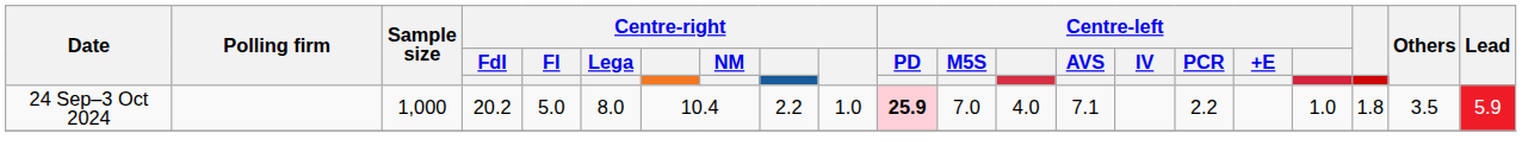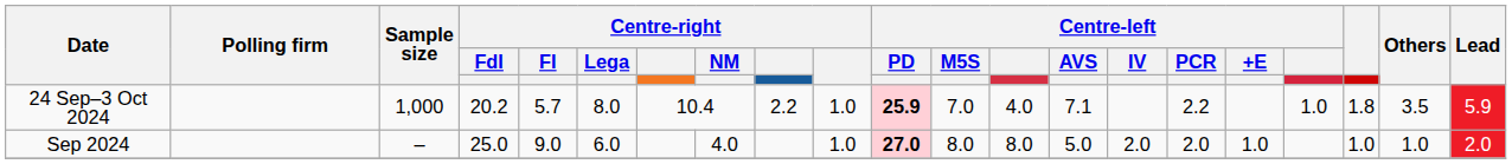 <table class="wikitable collapsible collapsed" style="text-align:center;font-size:85%;line-height:13px">
 <tr style="height:30px; background-color:#E9E9E9">
 <th style="width:110px;" rowspan="3">Date</th>
 <th style="width:140px;" rowspan="3">Polling firm</th>
 <th style="width:50px;" rowspan="3">Sample size</th>
 <th colspan="7" style="width:35px;"><a href='#'>Centre-right</a></th>
 <th colspan="8" style="width:35px;"><a href='#'>Centre-left</a></th>
 <th rowspan="2"></th>
 <th style="width:35px;" rowspan="3">Others</th>
 <th style="width:25px;" rowspan="3">Lead</th>
 </tr>
 <tr>
 <th style="width:35px;"><a href='#'>FdI</a></th>
 <th style="width:35px;"><a href='#'>FI</a></th>
 <th style="width:35px;"><a href='#'>Lega</a></th>
 <th style="width:35px;"></th>
 <th style="width:35px;"><a href='#'>NM</a></th>
 <th style="width:35px;"></th>
 <th rowspan="2" style="width:35px;"></th>
 <th style="width:35px;"><a href='#'>PD</a></th>
 <th style="width:35px;"><a href='#'>M5S</a></th>
 <th style="width:35px;"></th>
 <th style="width:35px;"><a href='#'>AVS</a></th>
 <th style="width:35px;"><a href='#'>IV</a></th>
 <th style="width:35px;"><a href='#'>PCR</a></th>
 <th style="width:35px;"><a href='#'>+E</a></th>
 <th style="width:35px;"></th>
 </tr>
 <tr>
 <th style="background:"></th>
 <th style="background:"></th>
 <th style="background:"></th>
 <td bgcolor="#F47721"></td>
 <th style="background:"></th>
 <td bgcolor="#175B9A"></td>
 <th style="background:"></th>
 <th style="background:"></th>
 <td bgcolor="#D62F43"></td>
 <th style="background:"></th>
 <th style="background:"></th>
 <th style="background:"></th>
 <th style="background:"></th>
 <td bgcolor="#D5233D"></td>
 <td bgcolor="#CF0404"></td>
 </tr>
 <tr>
 <td>24 Sep–3 Oct 2024</td>
 <td></td>
 <td>1,000</td>
 <td>20.2</td>
-<td>5.0</td>
+<td>5.7</td>
 <td>8.0</td>
 <td colspan="2">10.4</td>
 <td>2.2</td>
 <td>1.0</td>
 <td style="background:#FFD0D7;"><strong>25.9</strong></td>
 <td>7.0</td>
 <td>4.0</td>
 <td>7.1</td>
 <td></td>
 <td>2.2</td>
 <td></td>
 <td>1.0</td>
 <td>1.8</td>
 <td>3.5</td>
 <td style="background:#EF1C27; color:white;">5.9</td>
 </tr>
 <tr>
+<td>Sep 2024</td>
+<td></td>
+<td>–</td>
+<td>25.0</td>
+<td>9.0</td>
+<td>6.0</td>
+<td></td>
+<td>4.0</td>
+<td></td>
+<td>1.0</td>
+<td style="background:#FFD0D7;"><strong>27.0</strong></td>
+<td>8.0</td>
+<td>8.0</td>
+<td>5.0</td>
+<td>2.0</td>
+<td>2.0</td>
+<td>1.0</td>
+<td></td>
+<td>1.0</td>
+<td>1.0</td>
+<td style="background:#EF1C27; color:white;">2.0</td>
+</tr>
+<tr>
 </tr>
 </table>
